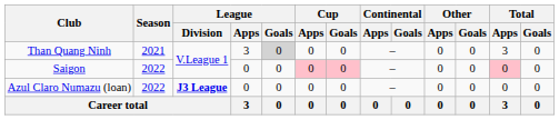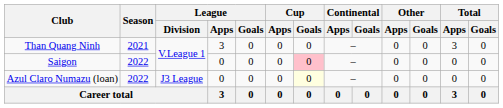 <table class="wikitable" style="text-align: center">
 <tr>
 <th rowspan="2">Club</th>
 <th rowspan="2">Season</th>
 <th colspan="3">League</th>
 <th colspan="2">Cup</th>
 <th colspan="2">Continental</th>
 <th colspan="2">Other</th>
 <th colspan="2">Total</th>
 </tr>
 <tr>
 <th>Division</th>
 <th>Apps</th>
 <th>Goals</th>
 <th>Apps</th>
 <th>Goals</th>
 <th>Apps</th>
 <th>Goals</th>
 <th>Apps</th>
 <th>Goals</th>
 <th>Apps</th>
 <th>Goals</th>
 </tr>
 <tr>
 <td><a href='#'>Than Quang Ninh</a></td>
 <td><a href='#'>2021</a></td>
 <td rowspan="2"><a href='#'>V.League 1</a></td>
 <td>3</td>
-<td style="background: lightgrey;">0</td>
+<td>0</td>
 <td>0</td>
 <td>0</td>
 <td colspan="2">–</td>
 <td>0</td>
 <td>0</td>
 <td>3</td>
 <td>0</td>
 </tr>
 <tr>
 <td><a href='#'>Saigon</a></td>
 <td><a href='#'>2022</a></td>
 <td>0</td>
 <td>0</td>
-<td style="background: pink;">0</td>
+<td>0</td>
 <td style="background: pink;">0</td>
 <td colspan="2">–</td>
 <td>0</td>
 <td>0</td>
-<td style="background: pink;">0</td>
+<td>0</td>
 <td>0</td>
 </tr>
 <tr>
 <td><a href='#'>Azul Claro Numazu</a> (loan)</td>
 <td><a href='#'>2022</a></td>
-<td><strong><a href='#'>J3 League</a></strong></td>
+<td><a href='#'>J3 League</a></td>
 <td>0</td>
 <td>0</td>
 <td>0</td>
-<td>0</td>
+<td style="background: lightyellow;">0</td>
 <td colspan="2">–</td>
 <td>0</td>
 <td>0</td>
 <td>0</td>
 <td>0</td>
 </tr>
 <tr>
 <th colspan="3"><strong>Career total</strong></th>
 <th>3</th>
 <th>0</th>
 <th>0</th>
 <th>0</th>
 <th>0</th>
 <th>0</th>
 <th>0</th>
 <th>0</th>
 <th>3</th>
 <th>0</th>
 </tr>
 </table>
